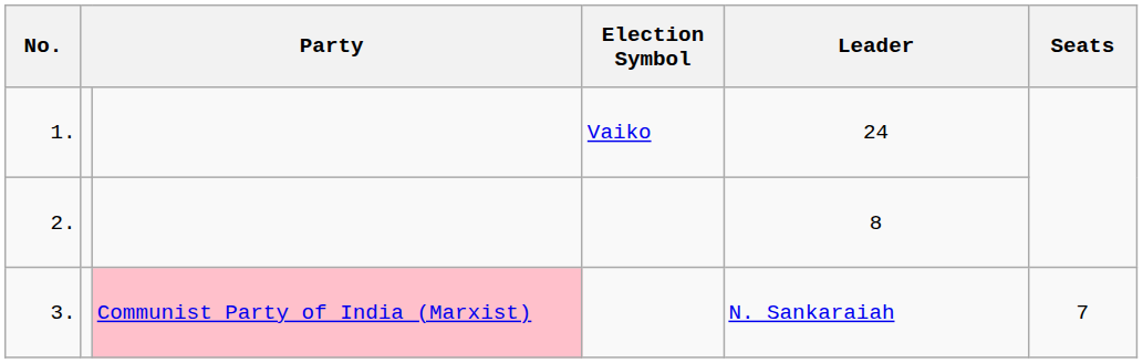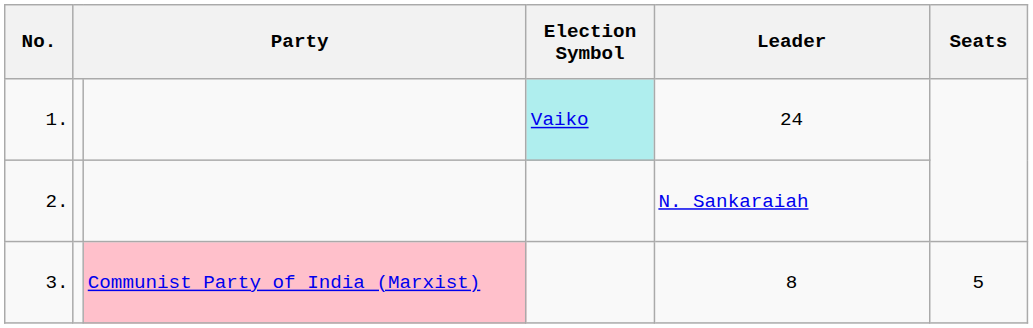 <table class="wikitable">
 <tr style="height: 50px;">
 <th scope="col" style="width:40px;">No.<br></th>
 <th scope="col" style="width:300px;"colspan="2">Party</th>
 <th scope="col" style="width:80px;">Election Symbol</th>
 <th scope="col" style="width:180px;">Leader</th>
 <th scope="col" style="width:60px;">Seats</th>
 </tr>
 <tr style="height: 55px;">
 <td style="text-align:right;">1.</td>
 <td></td>
 <td style="text-align:center;"></td>
-<td><a href='#'>Vaiko</a></td>
+<td style="background: paleturquoise;"><a href='#'>Vaiko</a></td>
 <td style="text-align:center;">24</td>
 </tr>
 <tr style="height: 55px;">
 <td style="text-align:right;">2.</td>
 <td></td>
 <td style="text-align:center;"></td>
 <td></td>
-<td style="text-align:center;">8</td>
+<td><a href='#'>N. Sankaraiah</a></td>
 </tr>
 <tr style="height: 55px;">
 <td style="text-align:right;">3.</td>
 <td></td>
 <td style="background: pink;"><a href='#'>Communist Party of India  (Marxist)</a></td>
 <td style="text-align:center;"></td>
-<td><a href='#'>N. Sankaraiah</a></td>
-<td style="text-align:center;">7</td>
+<td style="text-align:center;">8</td>
+<td style="text-align:center;">5</td>
 </tr>
 </table>
